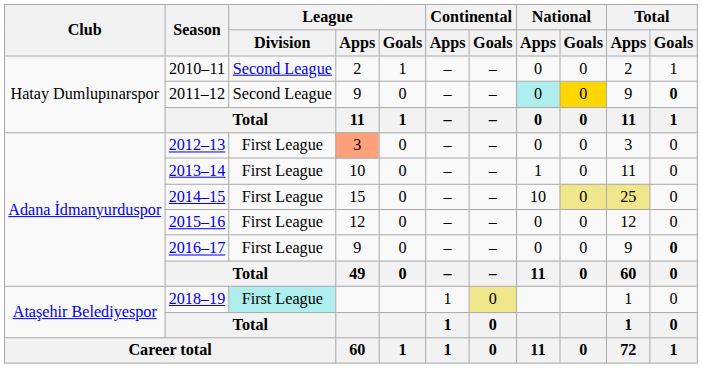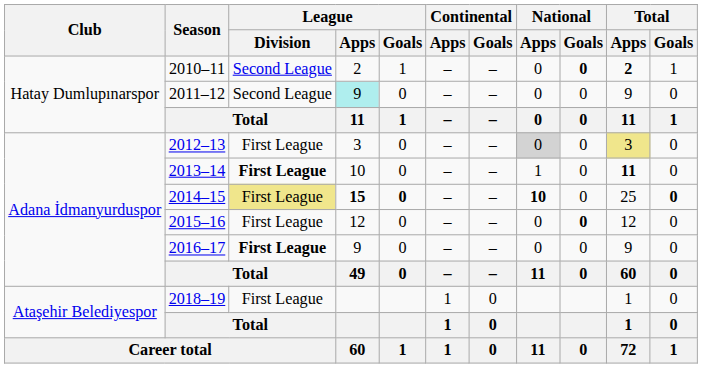 <table class="wikitable" style="text-align: center;">
 <tr>
 <th rowspan="2">Club</th>
 <th rowspan="2">Season</th>
 <th colspan="3">League</th>
 <th colspan="2">Continental</th>
 <th colspan="2">National</th>
 <th colspan="2">Total</th>
 </tr>
 <tr>
 <th>Division</th>
 <th>Apps</th>
 <th>Goals</th>
 <th>Apps</th>
 <th>Goals</th>
 <th>Apps</th>
 <th>Goals</th>
 <th>Apps</th>
 <th>Goals</th>
 </tr>
 <tr>
 <td rowspan=3>Hatay Dumlupınarspor</td>
 <td>2010–11</td>
 <td><a href='#'>Second League</a></td>
 <td>2</td>
 <td>1</td>
 <td>–</td>
 <td>–</td>
 <td>0</td>
-<td>0</td>
-<td>2</td>
+<td><strong>0</strong></td>
+<td><strong>2</strong></td>
 <td>1</td>
 </tr>
 <tr>
 <td>2011–12</td>
 <td>Second League</td>
-<td>9</td>
+<td style="background: paleturquoise;">9</td>
 <td>0</td>
 <td>–</td>
 <td>–</td>
-<td style="background: paleturquoise;">0</td>
-<td style="background: gold;">0</td>
+<td>0</td>
+<td>0</td>
 <td>9</td>
-<td><strong>0</strong></td>
+<td>0</td>
 </tr>
 <tr>
 <th colspan="2">Total</th>
 <th>11</th>
 <th>1</th>
 <th>–</th>
 <th>–</th>
 <th>0</th>
 <th>0</th>
 <th>11</th>
 <th>1</th>
 </tr>
 <tr>
 <td rowspan=6><a href='#'>Adana İdmanyurduspor</a></td>
 <td><a href='#'>2012–13</a></td>
 <td>First League</td>
-<td style="background: lightsalmon;">3</td>
+<td>3</td>
 <td>0</td>
 <td>–</td>
 <td>–</td>
+<td style="background: lightgrey;">0</td>
 <td>0</td>
-<td>0</td>
-<td>3</td>
+<td style="background: khaki;">3</td>
 <td>0</td>
 </tr>
 <tr>
 <td><a href='#'>2013–14</a></td>
-<td>First League</td>
+<td><strong>First League</strong></td>
 <td>10</td>
 <td>0</td>
 <td>–</td>
 <td>–</td>
 <td>1</td>
 <td>0</td>
-<td>11</td>
+<td><strong>11</strong></td>
 <td>0</td>
 </tr>
 <tr>
 <td><a href='#'>2014–15</a></td>
-<td>First League</td>
-<td>15</td>
-<td>0</td>
+<td style="background: khaki;">First League</td>
+<td><strong>15</strong></td>
+<td><strong>0</strong></td>
 <td>–</td>
 <td>–</td>
-<td>10</td>
-<td style="background: khaki;">0</td>
-<td style="background: khaki;">25</td>
+<td><strong>10</strong></td>
 <td>0</td>
+<td>25</td>
+<td><strong>0</strong></td>
 </tr>
 <tr>
 <td><a href='#'>2015–16</a></td>
 <td>First League</td>
 <td>12</td>
 <td>0</td>
 <td>–</td>
 <td>–</td>
 <td>0</td>
-<td>0</td>
+<td><strong>0</strong></td>
 <td>12</td>
 <td>0</td>
 </tr>
 <tr>
 <td><a href='#'>2016–17</a></td>
-<td>First League</td>
+<td><strong>First League</strong></td>
 <td>9</td>
 <td>0</td>
 <td>–</td>
 <td>–</td>
 <td>0</td>
 <td>0</td>
 <td>9</td>
-<td><strong>0</strong></td>
+<td>0</td>
 </tr>
 <tr>
 <th colspan="2">Total</th>
 <th>49</th>
 <th>0</th>
 <th>–</th>
 <th>–</th>
 <th>11</th>
 <th>0</th>
 <th>60</th>
 <th>0</th>
 </tr>
 <tr>
 <td rowspan=2><a href='#'>Ataşehir Belediyespor</a></td>
 <td><a href='#'>2018–19</a></td>
-<td style="background: paleturquoise;">First League</td>
+<td>First League</td>
 <td></td>
 <td></td>
 <td>1</td>
-<td style="background: khaki;">0</td>
+<td>0</td>
 <td></td>
 <td></td>
 <td>1</td>
 <td>0</td>
 </tr>
 <tr>
 <th colspan="2">Total</th>
 <th></th>
 <th></th>
 <th>1</th>
 <th>0</th>
 <th></th>
 <th></th>
 <th>1</th>
 <th>0</th>
 </tr>
 <tr>
 <th colspan="3">Career total</th>
 <th>60</th>
 <th>1</th>
 <th>1</th>
 <th>0</th>
 <th>11</th>
 <th>0</th>
 <th>72</th>
 <th>1</th>
 </tr>
 </table>
